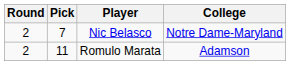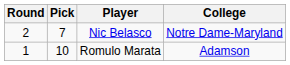 <table class="wikitable sortable sortable">
 <tr>
 <th>Round</th>
 <th>Pick</th>
 <th>Player</th>
 <th>College</th>
 </tr>
 <tr style="text-align: center">
 <td align="center">2</td>
 <td align="center">7</td>
 <td><a href='#'>Nic Belasco</a></td>
 <td><a href='#'>Notre Dame-Maryland</a></td>
 </tr>
 <tr style="text-align: center">
-<td align="center">2</td>
-<td align="center">11</td>
+<td align="center">1</td>
+<td align="center">10</td>
 <td>Romulo Marata</td>
 <td><a href='#'>Adamson</a></td>
 </tr>
 </table>
